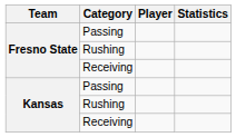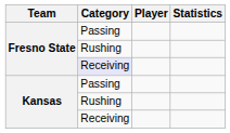 <table class="wikitable" style="float:right">
 <tr>
 <th>Team</th>
 <th>Category</th>
 <th>Player</th>
 <th>Statistics</th>
 </tr>
 <tr>
 <th rowspan=3>Fresno State</th>
 <td>Passing</td>
 <td></td>
 <td></td>
 </tr>
 <tr>
 <td>Rushing</td>
 <td></td>
 <td></td>
 </tr>
 <tr>
-<td>Receiving</td>
+<td style="background: lavender;">Receiving</td>
 <td></td>
 <td></td>
 </tr>
 <tr>
 <th rowspan=3>Kansas</th>
 <td>Passing</td>
 <td></td>
 <td></td>
 </tr>
 <tr>
 <td>Rushing</td>
 <td></td>
 <td></td>
 </tr>
 <tr>
 <td>Receiving</td>
 <td></td>
 <td></td>
 </tr>
 </table>
